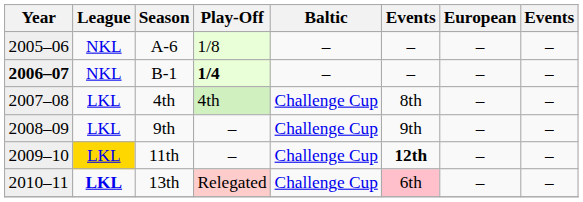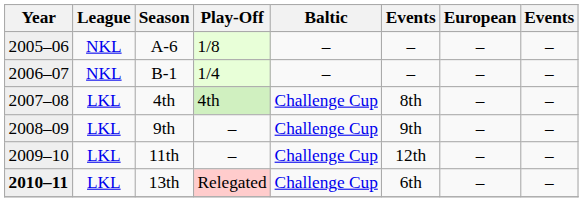 <table class="wikitable">
 <tr>
 <th>Year</th>
 <th>League</th>
 <th>Season</th>
 <th>Play-Off</th>
 <th>Baltic</th>
 <th>Events</th>
 <th>European</th>
 <th>Events</th>
 </tr>
 <tr>
 <td style="background:#efefef;">2005–06</td>
 <td align="center"><a href='#'>NKL</a></td>
 <td align="center">A-6</td>
 <td style="background:#E8FFD8;">1/8</td>
 <td align="center">–</td>
 <td align="center">–</td>
 <td align="center">–</td>
 <td align="center">–</td>
 </tr>
 <tr>
-<td style="background:#efefef;"><strong>2006–07</strong></td>
+<td style="background:#efefef;">2006–07</td>
 <td align="center"><a href='#'>NKL</a></td>
 <td align="center">B-1</td>
-<td style="background:#E8FFD8;"><strong>1/4</strong></td>
+<td style="background:#E8FFD8;">1/4</td>
 <td align="center">–</td>
 <td align="center">–</td>
 <td align="center">–</td>
 <td align="center">–</td>
 </tr>
 <tr>
 <td style="background:#efefef;">2007–08</td>
 <td align="center"><a href='#'>LKL</a></td>
 <td align="center">4th</td>
 <td style="background:#D0F0C0;">4th</td>
 <td><a href='#'>Challenge Cup</a></td>
 <td align="center">8th</td>
 <td align="center">–</td>
 <td align="center">–</td>
 </tr>
 <tr>
 <td style="background:#efefef;">2008–09</td>
 <td align="center"><a href='#'>LKL</a></td>
 <td align="center">9th</td>
 <td align="center">–</td>
 <td><a href='#'>Challenge Cup</a></td>
 <td align="center">9th</td>
 <td align="center">–</td>
 <td align="center">–</td>
 </tr>
 <tr>
 <td style="background:#efefef;">2009–10</td>
-<td align="center" style="background: gold;"><a href='#'>LKL</a></td>
+<td align="center"><a href='#'>LKL</a></td>
 <td align="center">11th</td>
 <td align="center">–</td>
 <td><a href='#'>Challenge Cup</a></td>
-<td align="center"><strong>12th</strong></td>
+<td align="center">12th</td>
 <td align="center">–</td>
 <td align="center">–</td>
 </tr>
 <tr>
-<td style="background:#efefef;">2010–11</td>
-<td align="center"><strong><a href='#'>LKL</a></strong></td>
+<td style="background:#efefef;"><strong>2010–11</strong></td>
+<td align="center"><a href='#'>LKL</a></td>
 <td align="center">13th</td>
 <td style="background:#FFCCCC;">Relegated</td>
 <td><a href='#'>Challenge Cup</a></td>
-<td align="center" style="background: pink;">6th</td>
+<td align="center">6th</td>
 <td align="center">–</td>
 <td align="center">–</td>
 </tr>
 <tr>
 </tr>
 </table>
